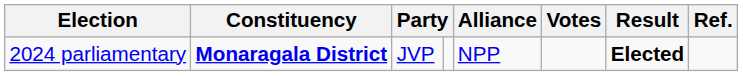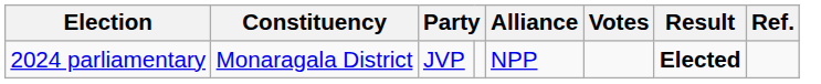 <table class="wikitable" style="text-align:left;">
 <tr>
 <th scope=col>Election</th>
 <th scope=col>Constituency</th>
 <th scope=col colspan="2">Party</th>
 <th scope=col>Alliance</th>
 <th scope=col>Votes</th>
 <th scope=col>Result</th>
 <th scope=col>Ref.</th>
 </tr>
 <tr>
 <td><a href='#'>2024 parliamentary</a></td>
-<td><strong><a href='#'>Monaragala District</a></strong></td>
+<td><a href='#'>Monaragala District</a></td>
 <td><a href='#'>JVP</a></td>
 <td rowspan="8" style="background:"></td>
 <td><a href='#'>NPP</a></td>
 <td align=right></td>
 <td><strong>Elected</strong></td>
 <td></td>
 </tr>
 </table>
